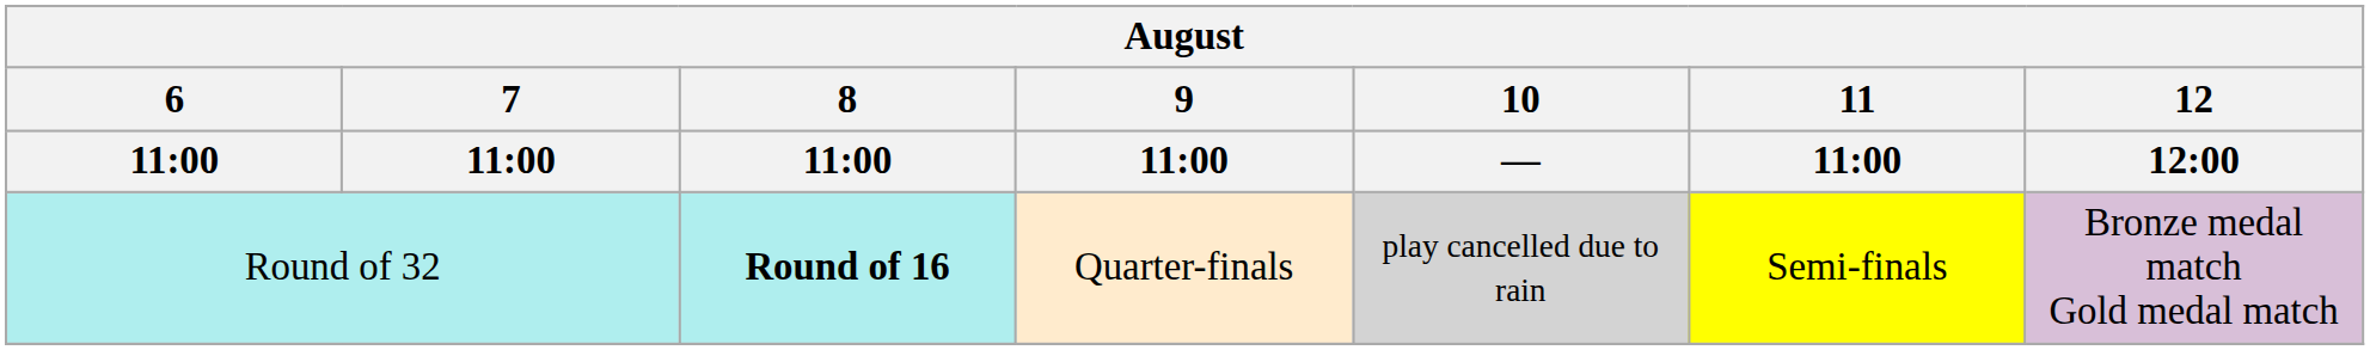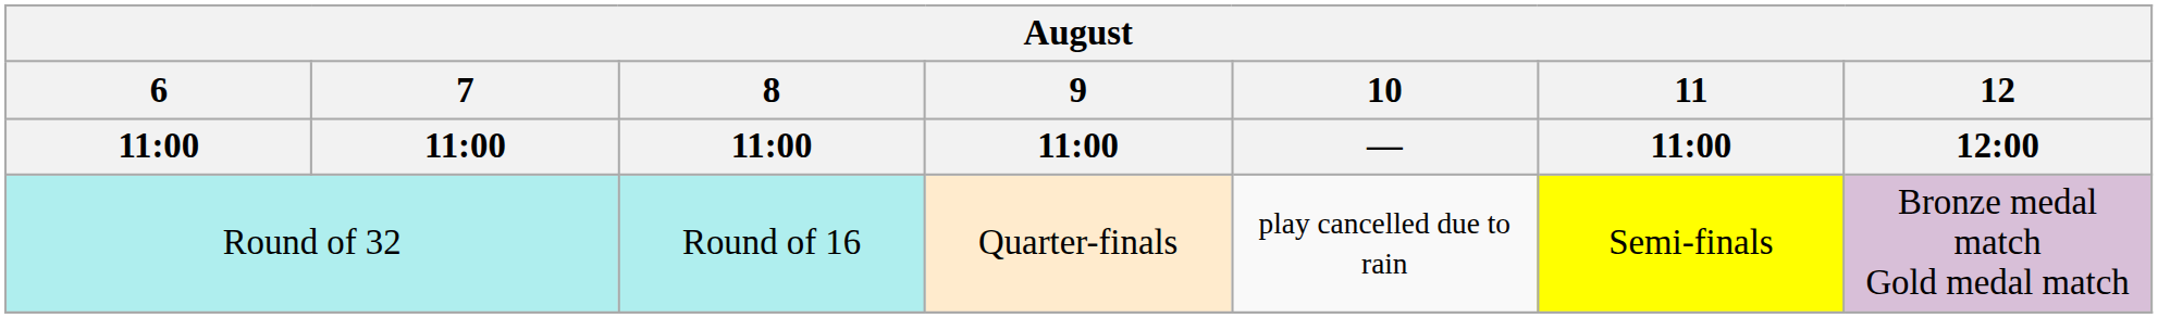 <table class="wikitable" style="text-align:center">
 <tr>
 <th colspan=7>August</th>
 </tr>
 <tr>
 <th width=130>6</th>
 <th width=130>7</th>
 <th width=130>8</th>
 <th width=130>9</th>
 <th width=130>10</th>
 <th width=130>11</th>
 <th width=130>12</th>
 </tr>
 <tr>
 <th>11:00</th>
 <th>11:00</th>
 <th>11:00</th>
 <th>11:00</th>
 <th>—</th>
 <th>11:00</th>
 <th>12:00</th>
 </tr>
 <tr>
 <td colspan="2" bgcolor="#afeeee">Round of 32</td>
-<td bgcolor="#afeeee"><strong>Round of 16</strong></td>
+<td bgcolor="#afeeee">Round of 16</td>
 <td bgcolor=#ffebcd>Quarter-finals</td>
-<td style="background: lightgrey;"><small>play cancelled due to rain</small></td>
+<td><small>play cancelled due to rain</small></td>
 <td bgcolor=#FFFF00>Semi-finals</td>
 <td bgcolor=#D8BFD8>Bronze medal match<br>Gold medal match</td>
 </tr>
 <tr>
 </tr>
 </table>
